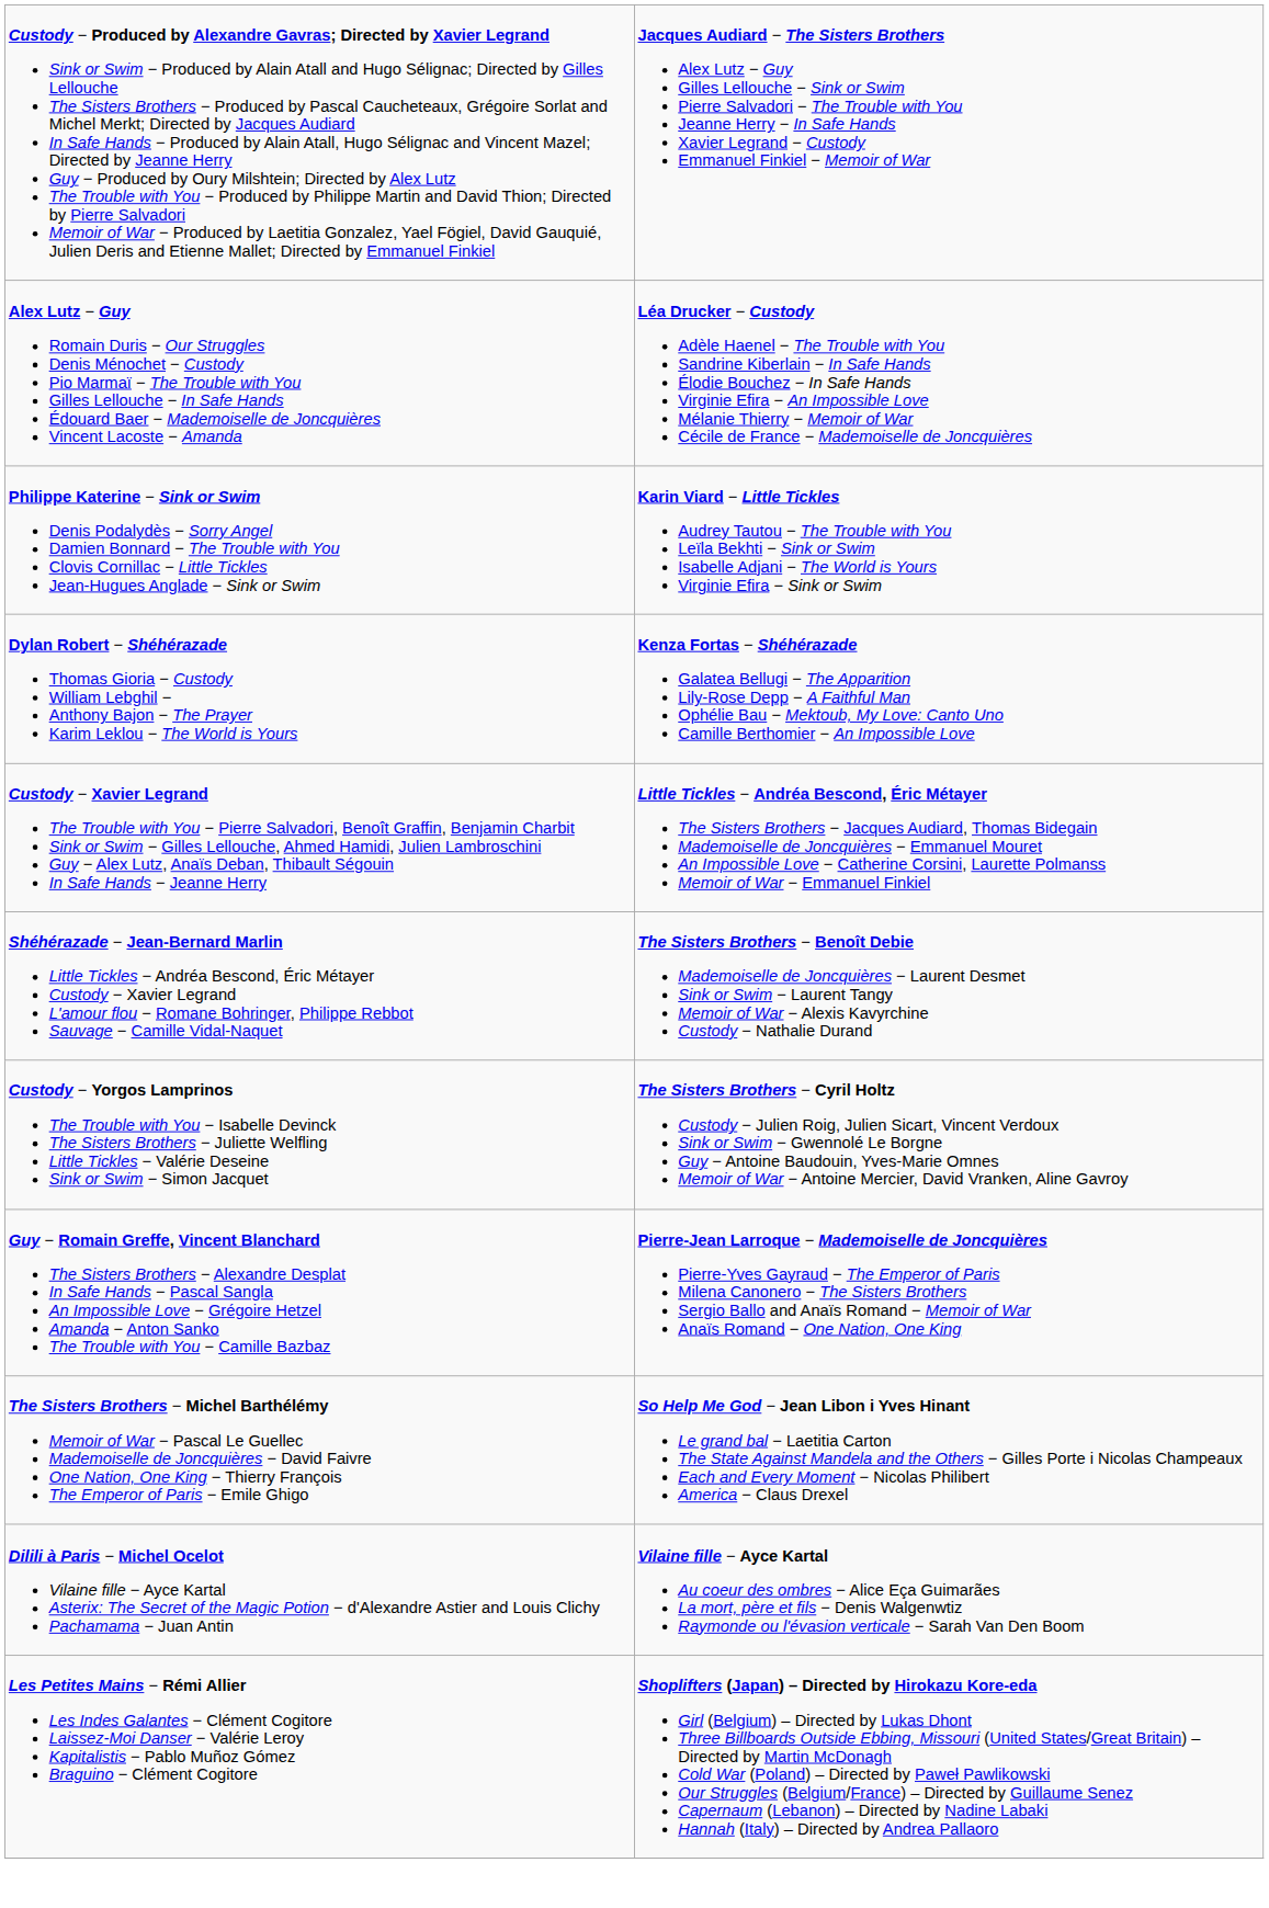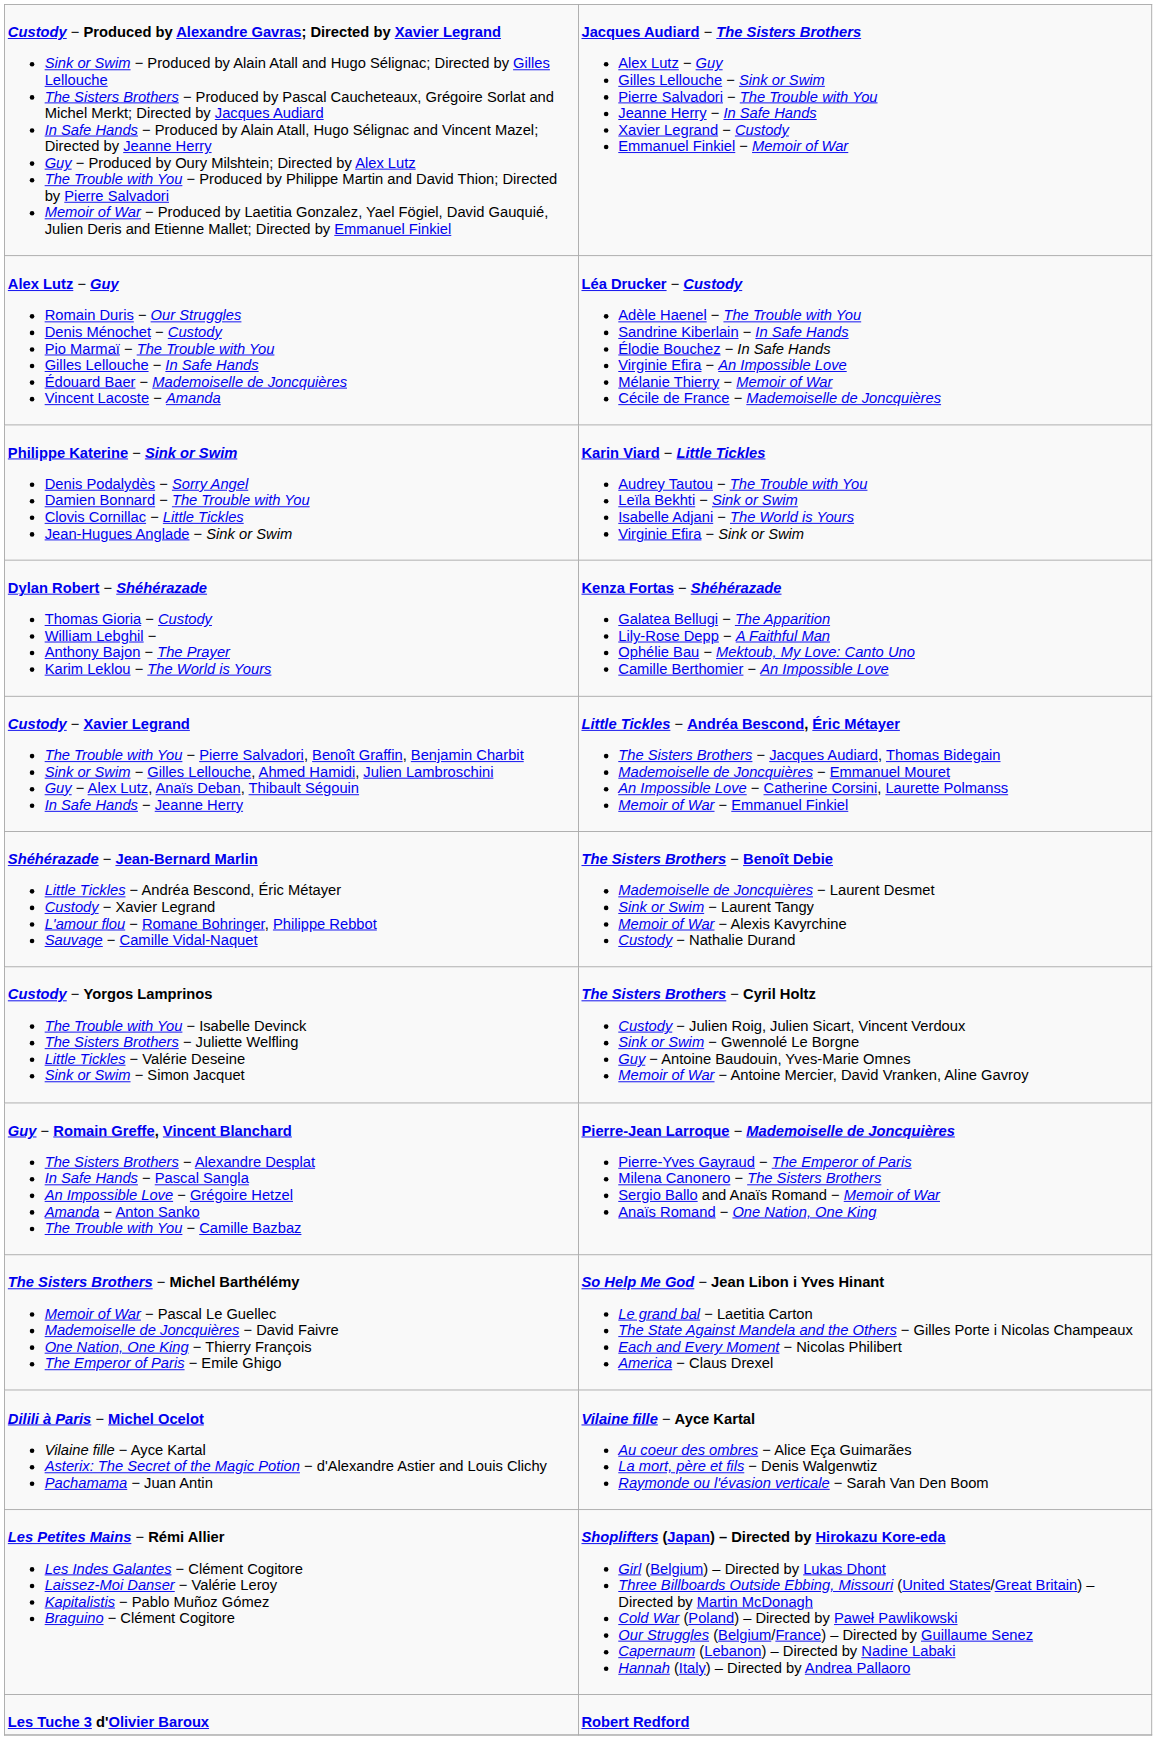 <table class=wikitable style="width="150%">
 <tr>
 <td valign="top" width="50%"><br> <strong><em><a href='#'>Custody</a></em></strong> − <strong>Produced by <a href='#'>Alexandre Gavras</a>; Directed by <a href='#'>Xavier Legrand</a></strong><ul><li><em><a href='#'>Sink or Swim</a></em> − Produced by Alain Atall and Hugo Sélignac; Directed by <a href='#'>Gilles Lellouche</a></li><li><em><a href='#'>The Sisters Brothers</a></em> − Produced by Pascal Caucheteaux, Grégoire Sorlat and Michel Merkt; Directed by <a href='#'>Jacques Audiard</a></li><li><em><a href='#'>In Safe Hands</a></em> − Produced by Alain Atall, Hugo Sélignac and Vincent Mazel; Directed by <a href='#'>Jeanne Herry</a></li><li><em><a href='#'>Guy</a></em> − Produced by Oury Milshtein; Directed by <a href='#'>Alex Lutz</a></li><li><em><a href='#'>The Trouble with You</a></em> − Produced by Philippe Martin and David Thion; Directed by <a href='#'>Pierre Salvadori</a></li><li><em><a href='#'>Memoir of War</a></em> − Produced by Laetitia Gonzalez, Yael Fögiel, David Gauquié, Julien Deris and Etienne Mallet; Directed by <a href='#'>Emmanuel Finkiel</a></li></ul></td>
 <td valign="top" width="50%"><br> <strong><a href='#'>Jacques Audiard</a></strong> − <strong><em><a href='#'>The Sisters Brothers</a></em></strong><ul><li><a href='#'>Alex Lutz</a> − <em><a href='#'>Guy</a></em></li><li><a href='#'>Gilles Lellouche</a> − <em><a href='#'>Sink or Swim</a></em></li><li><a href='#'>Pierre Salvadori</a> − <em><a href='#'>The Trouble with You</a></em></li><li><a href='#'>Jeanne Herry</a> − <em><a href='#'>In Safe Hands</a></em></li><li><a href='#'>Xavier Legrand</a> − <em><a href='#'>Custody</a></em></li><li><a href='#'>Emmanuel Finkiel</a> − <em><a href='#'>Memoir of War</a></em></li></ul></td>
 </tr>
 <tr>
 <td valign="top" width="50%"><br> <strong><a href='#'>Alex Lutz</a></strong> − <strong><em><a href='#'>Guy</a></em></strong><ul><li><a href='#'>Romain Duris</a> − <em><a href='#'>Our Struggles</a></em></li><li><a href='#'>Denis Ménochet</a> − <em><a href='#'>Custody</a></em></li><li><a href='#'>Pio Marmaï</a> − <em><a href='#'>The Trouble with You</a></em></li><li><a href='#'>Gilles Lellouche</a> − <em><a href='#'>In Safe Hands</a></em></li><li><a href='#'>Édouard Baer</a> − <em><a href='#'>Mademoiselle de Joncquières</a></em></li><li><a href='#'>Vincent Lacoste</a> − <em><a href='#'>Amanda</a></em></li></ul></td>
 <td valign="top" width="50%"><br> <strong><a href='#'>Léa Drucker</a></strong> − <strong><em><a href='#'>Custody</a></em></strong><ul><li><a href='#'>Adèle Haenel</a> − <em><a href='#'>The Trouble with You</a></em></li><li><a href='#'>Sandrine Kiberlain</a> − <em><a href='#'>In Safe Hands</a></em></li><li><a href='#'>Élodie Bouchez</a> − <em>In Safe Hands</em></li><li><a href='#'>Virginie Efira</a> − <em><a href='#'>An Impossible Love</a></em></li><li><a href='#'>Mélanie Thierry</a> − <em><a href='#'>Memoir of War</a></em></li><li><a href='#'>Cécile de France</a> − <em><a href='#'>Mademoiselle de Joncquières</a></em></li></ul></td>
 </tr>
 <tr>
 <td valign="top" width="50%"><br> <strong><a href='#'>Philippe Katerine</a></strong> − <strong><em><a href='#'>Sink or Swim</a></em></strong><ul><li><a href='#'>Denis Podalydès</a> − <em><a href='#'>Sorry Angel</a></em></li><li><a href='#'>Damien Bonnard</a> − <em><a href='#'>The Trouble with You</a></em></li><li><a href='#'>Clovis Cornillac</a> − <em><a href='#'>Little Tickles</a></em></li><li><a href='#'>Jean-Hugues Anglade</a> − <em>Sink or Swim</em></li></ul></td>
 <td valign="top" width="50%"><br> <strong><a href='#'>Karin Viard</a></strong> − <strong><em><a href='#'>Little Tickles</a></em></strong><ul><li><a href='#'>Audrey Tautou</a> − <em><a href='#'>The Trouble with You</a></em></li><li><a href='#'>Leïla Bekhti</a> − <em><a href='#'>Sink or Swim</a></em></li><li><a href='#'>Isabelle Adjani</a> − <em><a href='#'>The World is Yours</a></em></li><li><a href='#'>Virginie Efira</a> − <em>Sink or Swim</em></li></ul></td>
 </tr>
 <tr>
 <td valign="top" width="50%"><br> <strong><a href='#'>Dylan Robert</a></strong> − <strong><em><a href='#'>Shéhérazade</a></em></strong><ul><li><a href='#'>Thomas Gioria</a> − <em><a href='#'>Custody</a></em></li><li><a href='#'>William Lebghil</a> − <em></em></li><li><a href='#'>Anthony Bajon</a> − <em><a href='#'>The Prayer</a></em></li><li><a href='#'>Karim Leklou</a> − <em><a href='#'>The World is Yours</a></em></li></ul></td>
 <td valign="top" width="50%"><br> <strong><a href='#'>Kenza Fortas</a></strong> − <strong><em><a href='#'>Shéhérazade</a></em></strong><ul><li><a href='#'>Galatea Bellugi</a> − <em><a href='#'>The Apparition</a></em></li><li><a href='#'>Lily-Rose Depp</a> − <em><a href='#'>A Faithful Man</a></em></li><li><a href='#'>Ophélie Bau</a> − <em><a href='#'>Mektoub, My Love: Canto Uno</a></em></li><li><a href='#'>Camille Berthomier</a> − <em><a href='#'>An Impossible Love</a></em></li></ul></td>
 </tr>
 <tr>
 <td valign="top" width="50%"><br> <strong><em><a href='#'>Custody</a></em></strong> − <strong><a href='#'>Xavier Legrand</a></strong><ul><li><em><a href='#'>The Trouble with You</a></em> − <a href='#'>Pierre Salvadori</a>, <a href='#'>Benoît Graffin</a>, <a href='#'>Benjamin Charbit</a></li><li><em><a href='#'>Sink or Swim</a></em> − <a href='#'>Gilles Lellouche</a>, <a href='#'>Ahmed Hamidi</a>, <a href='#'>Julien Lambroschini</a></li><li><em><a href='#'>Guy</a></em> − <a href='#'>Alex Lutz</a>, <a href='#'>Anaïs Deban</a>, <a href='#'>Thibault Ségouin</a></li><li><em><a href='#'>In Safe Hands</a></em> − <a href='#'>Jeanne Herry</a></li></ul></td>
 <td valign="top" width="50%"><br> <strong><em><a href='#'>Little Tickles</a></em></strong> − <strong><a href='#'>Andréa Bescond</a>, <a href='#'>Éric Métayer</a></strong><ul><li><em><a href='#'>The Sisters Brothers</a></em> − <a href='#'>Jacques Audiard</a>, <a href='#'>Thomas Bidegain</a></li><li><em><a href='#'>Mademoiselle de Joncquières</a></em> − <a href='#'>Emmanuel Mouret</a></li><li><em><a href='#'>An Impossible Love</a></em> − <a href='#'>Catherine Corsini</a>, <a href='#'>Laurette Polmanss</a></li><li><em><a href='#'>Memoir of War</a></em> − <a href='#'>Emmanuel Finkiel</a></li></ul></td>
 </tr>
 <tr>
 <td valign="top" width="50%"><br> <strong><em><a href='#'>Shéhérazade</a></em></strong> − <strong><a href='#'>Jean-Bernard Marlin</a></strong><ul><li><em><a href='#'>Little Tickles</a></em> − Andréa Bescond, Éric Métayer</li><li><em><a href='#'>Custody</a></em> − Xavier Legrand</li><li><em><a href='#'>L'amour flou</a></em> − <a href='#'>Romane Bohringer</a>, <a href='#'>Philippe Rebbot</a></li><li><em><a href='#'>Sauvage</a></em> − <a href='#'>Camille Vidal-Naquet</a></li></ul></td>
 <td valign="top" width="50%"><br> <strong><em><a href='#'>The Sisters Brothers</a></em></strong> − <strong><a href='#'>Benoît Debie</a></strong><ul><li><em><a href='#'>Mademoiselle de Joncquières</a></em> − Laurent Desmet</li><li><em><a href='#'>Sink or Swim</a></em> − Laurent Tangy</li><li><em><a href='#'>Memoir of War</a></em> − Alexis Kavyrchine</li><li><em><a href='#'>Custody</a></em> − Nathalie Durand</li></ul></td>
 </tr>
 <tr>
 <td valign="top" width="50%"><br> <strong><em><a href='#'>Custody</a></em></strong> − <strong>Yorgos Lamprinos</strong><ul><li><em><a href='#'>The Trouble with You</a></em> − Isabelle Devinck</li><li><em><a href='#'>The Sisters Brothers</a></em> − Juliette Welfling</li><li><em><a href='#'>Little Tickles</a></em> − Valérie Deseine</li><li><em><a href='#'>Sink or Swim</a></em> − Simon Jacquet</li></ul></td>
 <td valign="top" width="50%"><br> <strong><em><a href='#'>The Sisters Brothers</a></em></strong> − <strong>Cyril Holtz</strong><ul><li><em><a href='#'>Custody</a></em> − Julien Roig, Julien Sicart, Vincent Verdoux</li><li><em><a href='#'>Sink or Swim</a></em> − Gwennolé Le Borgne</li><li><em><a href='#'>Guy</a></em> − Antoine Baudouin, Yves-Marie Omnes</li><li><em><a href='#'>Memoir of War</a></em> − Antoine Mercier, David Vranken, Aline Gavroy</li></ul></td>
 </tr>
 <tr>
 <td valign="top" width="50%"><br>  <strong><em><a href='#'>Guy</a></em></strong> − <strong><a href='#'>Romain Greffe</a>, <a href='#'>Vincent Blanchard</a></strong><ul><li><em><a href='#'>The Sisters Brothers</a></em> − <a href='#'>Alexandre Desplat</a></li><li><em><a href='#'>In Safe Hands</a></em> − <a href='#'>Pascal Sangla</a></li><li><em><a href='#'>An Impossible Love</a></em> − <a href='#'>Grégoire Hetzel</a></li><li><em><a href='#'>Amanda</a></em> − <a href='#'>Anton Sanko</a></li><li><em><a href='#'>The Trouble with You</a></em> − <a href='#'>Camille Bazbaz</a></li></ul></td>
 <td valign="top" width="50%"><br> <strong><a href='#'>Pierre-Jean Larroque</a></strong> − <strong><em><a href='#'>Mademoiselle de Joncquières</a></em></strong><ul><li><a href='#'>Pierre-Yves Gayraud</a> − <em><a href='#'>The Emperor of Paris</a></em></li><li><a href='#'>Milena Canonero</a> − <em><a href='#'>The Sisters Brothers</a></em></li><li><a href='#'>Sergio Ballo</a> and Anaïs Romand − <em><a href='#'>Memoir of War</a></em></li><li><a href='#'>Anaïs Romand</a> − <em><a href='#'>One Nation, One King</a></em></li></ul></td>
 </tr>
 <tr>
 <td valign="top" width="50%"><br> <strong><em><a href='#'>The Sisters Brothers</a></em></strong> − <strong>Michel Barthélémy</strong><ul><li><em><a href='#'>Memoir of War</a></em> − Pascal Le Guellec</li><li><em><a href='#'>Mademoiselle de Joncquières</a></em> − David Faivre</li><li><em><a href='#'>One Nation, One King</a></em> − Thierry François</li><li><em><a href='#'>The Emperor of Paris</a></em> − Emile Ghigo</li></ul></td>
 <td valign="top" width="50%"><br> <strong><em><a href='#'>So Help Me God</a></em></strong> − <strong>Jean Libon i Yves Hinant</strong><ul><li><em><a href='#'>Le grand bal</a></em> − Laetitia Carton</li><li><em><a href='#'>The State Against Mandela and the Others</a></em> − Gilles Porte i Nicolas Champeaux</li><li><em><a href='#'>Each and Every Moment</a></em> − Nicolas Philibert</li><li><em><a href='#'>America</a></em> − Claus Drexel</li></ul></td>
 </tr>
 <tr>
 <td valign="top" width="50%"><br> <strong><em><a href='#'>Dilili à Paris</a></em></strong> − <strong><a href='#'>Michel Ocelot</a></strong><ul><li><em>Vilaine fille</em> − Ayce Kartal</li><li><em><a href='#'>Asterix: The Secret of the Magic Potion</a></em> − d'Alexandre Astier and Louis Clichy</li><li><em><a href='#'>Pachamama</a></em> − Juan Antin</li></ul></td>
 <td valign="top" width="50%"><br> <strong><em><a href='#'>Vilaine fille</a></em></strong> − <strong>Ayce Kartal</strong><ul><li><em><a href='#'>Au coeur des ombres</a></em> − Alice Eça Guimarães</li><li><em><a href='#'>La mort, père et fils</a></em> − Denis Walgenwtiz</li><li><em><a href='#'>Raymonde ou l'évasion verticale</a></em> − Sarah Van Den Boom</li></ul></td>
 </tr>
 <tr>
 <td valign="top" width="50%"><br> <strong><em><a href='#'>Les Petites Mains</a></em></strong> − <strong>Rémi Allier</strong><ul><li><em><a href='#'>Les Indes Galantes</a></em> − Clément Cogitore</li><li><em><a href='#'>Laissez-Moi Danser</a></em> − Valérie Leroy</li><li><em><a href='#'>Kapitalistis</a></em> − Pablo Muñoz Gómez</li><li><em><a href='#'>Braguino</a></em> − Clément Cogitore</li></ul></td>
 <td valign="top" width="50%"><br> <strong><em><a href='#'>Shoplifters</a></em></strong> <strong>(<a href='#'>Japan</a>) – Directed by <a href='#'>Hirokazu Kore-eda</a></strong><ul><li><em><a href='#'>Girl</a></em> (<a href='#'>Belgium</a>) – Directed by <a href='#'>Lukas Dhont</a></li><li><em><a href='#'>Three Billboards Outside Ebbing, Missouri</a></em> (<a href='#'>United States</a>/<a href='#'>Great Britain</a>) – Directed by <a href='#'>Martin McDonagh</a></li><li><em><a href='#'>Cold War</a></em> (<a href='#'>Poland</a>) – Directed by <a href='#'>Paweł Pawlikowski</a></li><li><em><a href='#'>Our Struggles</a></em> (<a href='#'>Belgium</a>/<a href='#'>France</a>) – Directed by <a href='#'>Guillaume Senez</a></li><li><em><a href='#'>Capernaum</a></em> (<a href='#'>Lebanon</a>) – Directed by <a href='#'>Nadine Labaki</a></li><li><em><a href='#'>Hannah</a></em> (<a href='#'>Italy</a>) – Directed by <a href='#'>Andrea Pallaoro</a></li></ul></td>
 </tr>
 <tr>
+<td valign="top" width="50%"><br> <strong><a href='#'>Les Tuche 3</a> d'<a href='#'>Olivier Baroux</a></strong></td>
+<td valign="top" width="50%"><br> <strong><a href='#'>Robert Redford</a></strong></td>
+</tr>
+<tr>
 </tr>
 </table>
